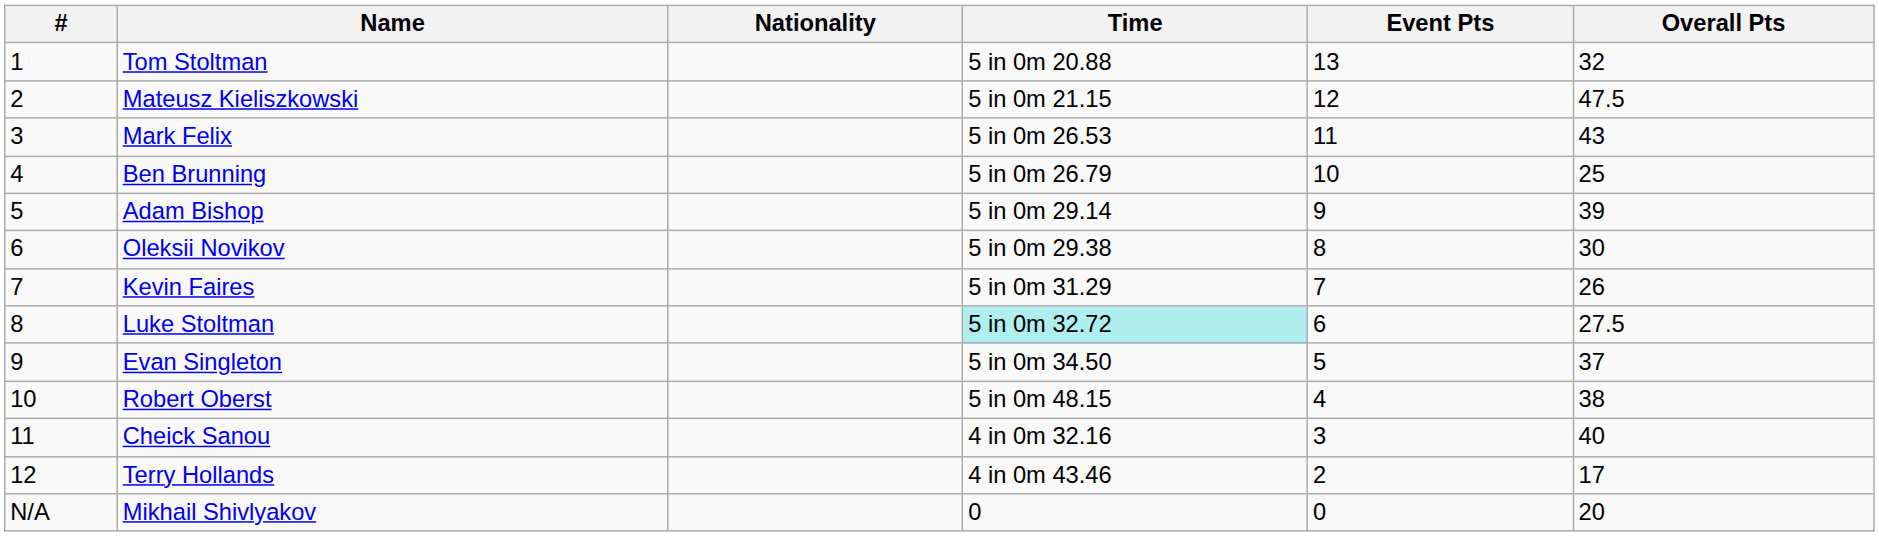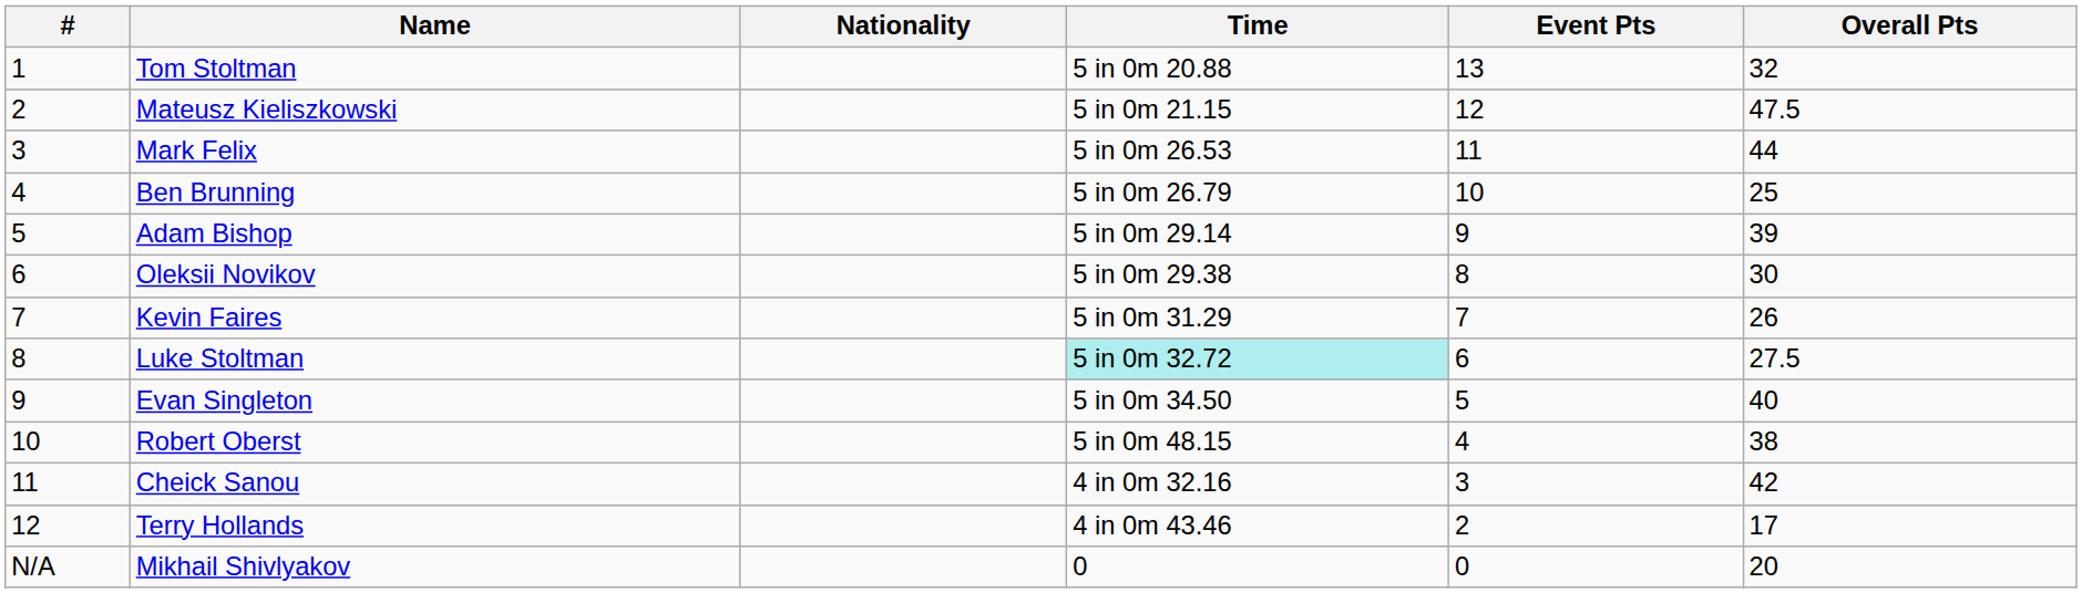 <table class="wikitable sortable" style="display: inline-table;width: 100%;">
 <tr>
 <th>#</th>
 <th>Name</th>
 <th>Nationality</th>
 <th>Time</th>
 <th>Event Pts</th>
 <th>Overall Pts</th>
 </tr>
 <tr>
 <td>1</td>
 <td><a href='#'>Tom Stoltman</a></td>
 <td></td>
 <td>5 in 0m 20.88</td>
 <td>13</td>
 <td>32</td>
 </tr>
 <tr>
 <td>2</td>
 <td><a href='#'>Mateusz Kieliszkowski</a></td>
 <td></td>
 <td>5 in 0m 21.15</td>
 <td>12</td>
 <td>47.5</td>
 </tr>
 <tr>
 <td>3</td>
 <td><a href='#'>Mark Felix</a></td>
 <td></td>
 <td>5 in 0m 26.53</td>
 <td>11</td>
-<td>43</td>
+<td>44</td>
 </tr>
 <tr>
 <td>4</td>
 <td><a href='#'>Ben Brunning</a></td>
 <td></td>
 <td>5 in 0m 26.79</td>
 <td>10</td>
 <td>25</td>
 </tr>
 <tr>
 <td>5</td>
 <td><a href='#'>Adam Bishop</a></td>
 <td></td>
 <td>5 in 0m 29.14</td>
 <td>9</td>
 <td>39</td>
 </tr>
 <tr>
 <td>6</td>
 <td><a href='#'>Oleksii Novikov</a></td>
 <td></td>
 <td>5 in 0m 29.38</td>
 <td>8</td>
 <td>30</td>
 </tr>
 <tr>
 <td>7</td>
 <td><a href='#'>Kevin Faires</a></td>
 <td></td>
 <td>5 in 0m 31.29</td>
 <td>7</td>
 <td>26</td>
 </tr>
 <tr>
 <td>8</td>
 <td><a href='#'>Luke Stoltman</a></td>
 <td></td>
 <td style="background: paleturquoise;">5 in 0m 32.72</td>
 <td>6</td>
 <td>27.5</td>
 </tr>
 <tr>
 <td>9</td>
 <td><a href='#'>Evan Singleton</a></td>
 <td></td>
 <td>5 in 0m 34.50</td>
 <td>5</td>
-<td>37</td>
+<td>40</td>
 </tr>
 <tr>
 <td>10</td>
 <td><a href='#'>Robert Oberst</a></td>
 <td></td>
 <td>5 in 0m 48.15</td>
 <td>4</td>
 <td>38</td>
 </tr>
 <tr>
 <td>11</td>
 <td><a href='#'>Cheick Sanou</a></td>
 <td></td>
 <td>4 in 0m 32.16</td>
 <td>3</td>
-<td>40</td>
+<td>42</td>
 </tr>
 <tr>
 <td>12</td>
 <td><a href='#'>Terry Hollands</a></td>
 <td></td>
 <td>4 in 0m 43.46</td>
 <td>2</td>
 <td>17</td>
 </tr>
 <tr>
 <td>N/A</td>
 <td><a href='#'>Mikhail Shivlyakov</a></td>
 <td></td>
 <td>0</td>
 <td>0</td>
 <td>20</td>
 </tr>
 </table>
